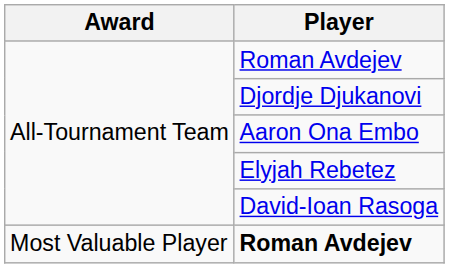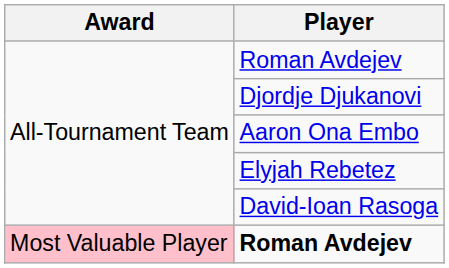 <table class="wikitable">
 <tr>
 <th>Award</th>
 <th>Player</th>
 </tr>
 <tr>
 <td rowspan=5>All-Tournament Team</td>
 <td> <a href='#'>Roman Avdejev</a></td>
 </tr>
 <tr>
 <td> <a href='#'>Djordje Djukanovi</a></td>
 </tr>
 <tr>
 <td> <a href='#'>Aaron Ona Embo</a></td>
 </tr>
 <tr>
 <td> <a href='#'>Elyjah Rebetez</a></td>
 </tr>
 <tr>
 <td> <a href='#'>David-Ioan Rasoga</a></td>
 </tr>
 <tr>
-<td>Most Valuable Player</td>
+<td style="background: pink;">Most Valuable Player</td>
 <td><strong> Roman Avdejev</strong></td>
 </tr>
 </table>
